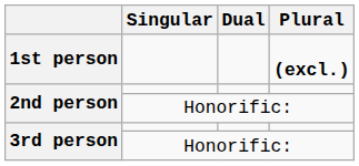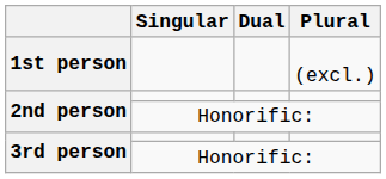 <table class="wikitable" style=text-align:center>
 <tr>
 <th></th>
 <th>Singular</th>
 <th>Dual</th>
 <th>Plural</th>
 </tr>
 <tr>
 <th>1st person</th>
 <td></td>
 <td></td>
-<td><strong><br> (excl.)</strong></td>
+<td><br> (excl.)</td>
 </tr>
 <tr>
 <th rowspan=2>2nd person</th>
 <td></td>
 <td></td>
 <td></td>
 </tr>
 <tr>
 <td colspan=3>Honorific: </td>
 </tr>
 <tr>
 <th rowspan=3>3rd person</th>
 <td></td>
 <td></td>
 <td></td>
 </tr>
 <tr>
 <td colspan=3>Honorific: </td>
 </tr>
 </table>
